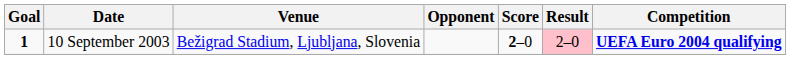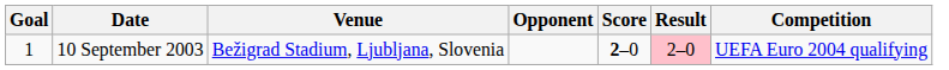 <table class="wikitable" align=center style="text-align: left;">
 <tr>
 <th>Goal</th>
 <th>Date</th>
 <th>Venue</th>
 <th>Opponent</th>
 <th>Score</th>
 <th>Result</th>
 <th>Competition</th>
 </tr>
 <tr>
-<td align=center><strong>1</strong></td>
+<td align=center>1</td>
 <td>10 September 2003</td>
 <td><a href='#'>Bežigrad Stadium</a>, <a href='#'>Ljubljana</a>, Slovenia</td>
 <td></td>
 <td align=center><strong>2</strong>–0</td>
 <td align=center style="background: pink;">2–0</td>
-<td><strong><a href='#'>UEFA Euro 2004 qualifying</a></strong></td>
+<td><a href='#'>UEFA Euro 2004 qualifying</a></td>
 </tr>
 <tr>
 </tr>
 </table>
